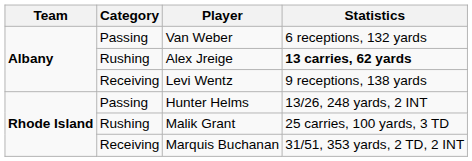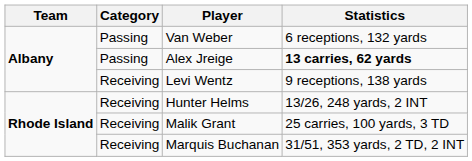 <table class="wikitable" style="float: right;">
 <tr>
 <th>Team</th>
 <th>Category</th>
 <th>Player</th>
 <th>Statistics</th>
 </tr>
 <tr>
 <td rowspan=3><strong>Albany</strong></td>
 <td>Passing</td>
 <td>Van Weber</td>
 <td>6 receptions, 132 yards</td>
 </tr>
 <tr>
-<td>Rushing</td>
+<td>Passing</td>
 <td>Alex Jreige</td>
 <td><strong>13 carries, 62 yards</strong></td>
 </tr>
 <tr>
 <td>Receiving</td>
 <td>Levi Wentz</td>
 <td>9 receptions, 138 yards</td>
 </tr>
 <tr>
 <td rowspan=3><strong>Rhode Island</strong></td>
-<td>Passing</td>
+<td>Receiving</td>
 <td>Hunter Helms</td>
 <td>13/26, 248 yards, 2 INT</td>
 </tr>
 <tr>
-<td>Rushing</td>
+<td>Receiving</td>
 <td>Malik Grant</td>
 <td>25 carries, 100 yards, 3 TD</td>
 </tr>
 <tr>
 <td>Receiving</td>
 <td>Marquis Buchanan</td>
 <td>31/51, 353 yards, 2 TD, 2 INT</td>
 </tr>
 </table>
